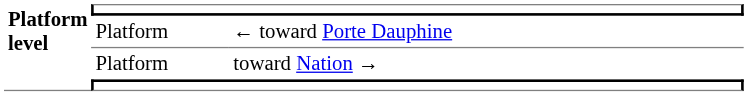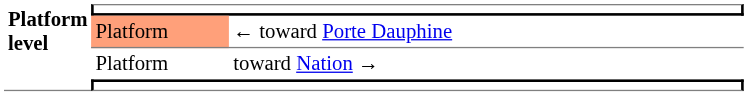 <table border=0 cellspacing=0 cellpadding=3>
 <tr>
 <td style="border-bottom:solid 1px gray;" width=50 rowspan=10 valign=top><strong>Platform level</strong></td>
 <td style="border-top:solid 1px gray;border-right:solid 2px black;border-left:solid 2px black;border-bottom:solid 2px black;text-align:center;" colspan=2></td>
 </tr>
 <tr>
-<td style="border-bottom:solid 1px gray;" width=100>Platform </td>
+<td style="background: lightsalmon; border-bottom:solid 1px gray;" width=100>Platform </td>
 <td style="border-bottom:solid 1px gray;" width=390>←   toward <a href='#'>Porte Dauphine</a> </td>
 </tr>
 <tr>
 <td>Platform </td>
 <td>   toward <a href='#'>Nation</a>  →</td>
 </tr>
 <tr>
 <td style="border-top:solid 2px black;border-right:solid 2px black;border-left:solid 2px black;border-bottom:solid 1px gray;text-align:center;" colspan=2></td>
 </tr>
 </table>
